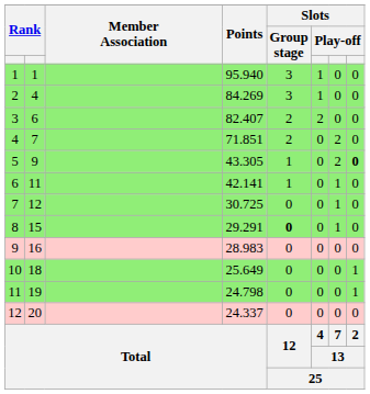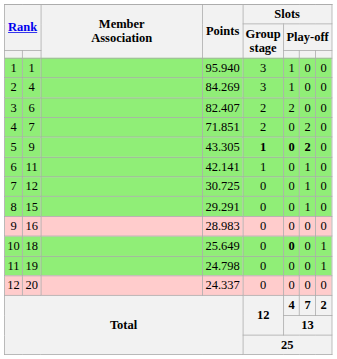 <table class="wikitable" style="text-align:center">
 <tr>
 </tr>
 <tr>
 <th colspan=2 rowspan=2><a href='#'>Rank</a></th>
 <th rowspan=3 width=200>Member<br>Association</th>
 <th rowspan=3>Points</th>
 <th colspan=4>Slots</th>
 </tr>
 <tr>
 <th rowspan=2>Group<br>stage</th>
 <th colspan=3>Play-off</th>
 </tr>
 <tr>
 <th></th>
 <th></th>
 <th></th>
 <th></th>
 <th></th>
 </tr>
 <tr bgcolor=#90ee77>
 <td>1</td>
 <td>1</td>
 <td align=left></td>
 <td>95.940</td>
 <td>3</td>
 <td>1</td>
 <td>0</td>
 <td>0</td>
 </tr>
 <tr bgcolor=#90ee77>
 <td>2</td>
 <td>4</td>
 <td align=left></td>
 <td>84.269</td>
 <td>3</td>
 <td>1</td>
 <td>0</td>
 <td>0</td>
 </tr>
 <tr bgcolor=#90ee77>
 <td>3</td>
 <td>6</td>
 <td align=left></td>
 <td>82.407</td>
 <td>2</td>
 <td>2</td>
 <td>0</td>
 <td>0</td>
 </tr>
 <tr bgcolor=#90ee77>
 <td>4</td>
 <td>7</td>
 <td align=left></td>
 <td>71.851</td>
 <td>2</td>
 <td>0</td>
 <td>2</td>
 <td>0</td>
 </tr>
 <tr bgcolor=#90ee77>
 <td>5</td>
 <td>9</td>
 <td align=left></td>
 <td>43.305</td>
-<td>1</td>
+<td><strong>1</strong></td>
+<td><strong>0</strong></td>
+<td><strong>2</strong></td>
 <td>0</td>
-<td>2</td>
-<td><strong>0</strong></td>
 </tr>
 <tr bgcolor=#90ee77>
 <td>6</td>
 <td>11</td>
 <td align=left></td>
 <td>42.141</td>
 <td>1</td>
 <td>0</td>
 <td>1</td>
 <td>0</td>
 </tr>
 <tr bgcolor=#90ee77>
 <td>7</td>
 <td>12</td>
 <td align=left></td>
 <td>30.725</td>
 <td>0</td>
 <td>0</td>
 <td>1</td>
 <td>0</td>
 </tr>
 <tr bgcolor=#90ee77>
 <td>8</td>
 <td>15</td>
 <td align=left></td>
 <td>29.291</td>
-<td><strong>0</strong></td>
+<td>0</td>
 <td>0</td>
 <td>1</td>
 <td>0</td>
 </tr>
 <tr bgcolor=#ffcccc>
 <td>9</td>
 <td>16</td>
 <td align=left></td>
 <td>28.983</td>
 <td>0</td>
 <td>0</td>
 <td>0</td>
 <td>0</td>
 </tr>
 <tr bgcolor=#90ee77>
 <td>10</td>
 <td>18</td>
 <td align=left></td>
 <td>25.649</td>
 <td>0</td>
-<td>0</td>
+<td><strong>0</strong></td>
 <td>0</td>
 <td>1</td>
 </tr>
 <tr bgcolor=#90ee77>
 <td>11</td>
 <td>19</td>
 <td align=left></td>
 <td>24.798</td>
 <td>0</td>
 <td>0</td>
 <td>0</td>
 <td>1</td>
 </tr>
 <tr bgcolor=#ffcccc>
 <td>12</td>
 <td>20</td>
 <td align=left></td>
 <td>24.337</td>
 <td>0</td>
 <td>0</td>
 <td>0</td>
 <td>0</td>
 </tr>
 <tr>
 <th colspan=4 rowspan=3>Total</th>
 <th rowspan=2>12</th>
 <th>4</th>
 <th>7</th>
 <th>2</th>
 </tr>
 <tr>
 <th colspan=3>13</th>
 </tr>
 <tr>
 <th colspan=4>25</th>
 </tr>
 </table>
